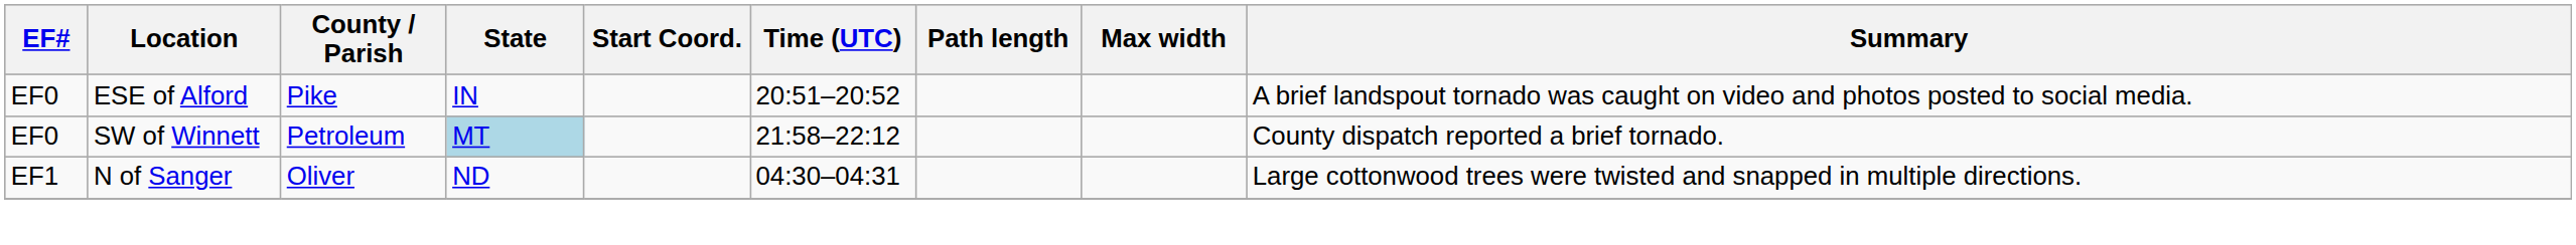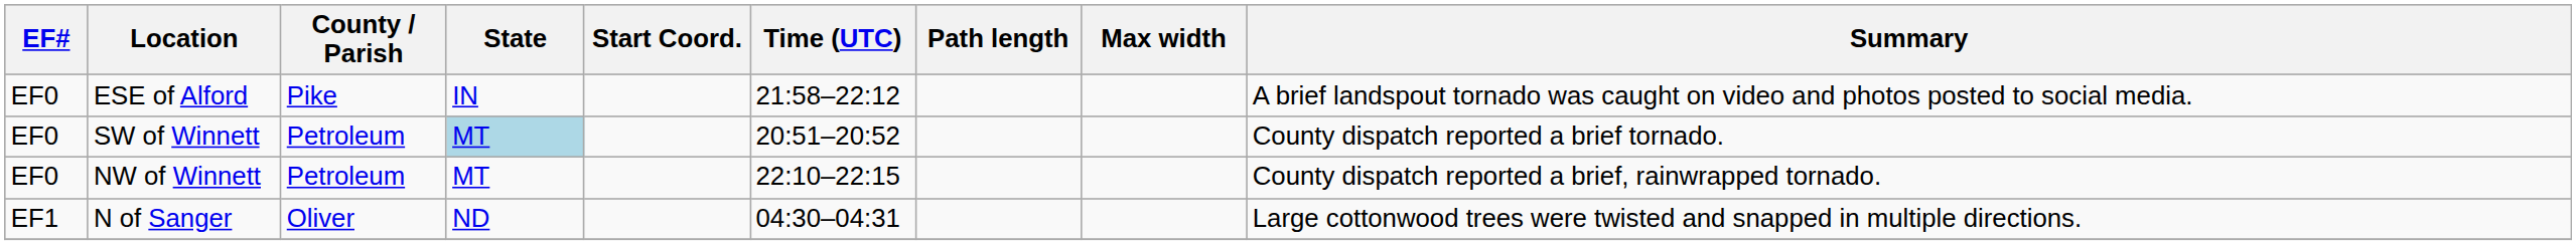 <table class="wikitable sortable" style="width:100%;">
 <tr>
 <th scope="col"  style="width:3%; text-align:center;"><a href='#'>EF#</a></th>
 <th scope="col"  style="width:7%; text-align:center;" class="unsortable">Location</th>
 <th scope="col"  style="width:6%; text-align:center;" class="unsortable">County / Parish</th>
 <th scope="col"  style="width:5%; text-align:center;">State</th>
 <th scope="col"  style="width:6%; text-align:center;">Start Coord.</th>
 <th scope="col"  style="width:6%; text-align:center;">Time (<a href='#'>UTC</a>)</th>
 <th scope="col"  style="width:6%; text-align:center;">Path length</th>
 <th scope="col"  style="width:6%; text-align:center;">Max width</th>
 <th scope="col" class="unsortable" style="width:48%; text-align:center;">Summary</th>
 </tr>
 <tr>
 <td>EF0</td>
 <td>ESE of <a href='#'>Alford</a></td>
 <td><a href='#'>Pike</a></td>
 <td><a href='#'>IN</a></td>
 <td></td>
-<td>20:51–20:52</td>
+<td>21:58–22:12</td>
 <td></td>
 <td></td>
 <td>A brief landspout tornado was caught on video and photos posted to social media.</td>
 </tr>
 <tr>
 <td>EF0</td>
 <td>SW of <a href='#'>Winnett</a></td>
 <td><a href='#'>Petroleum</a></td>
 <td style="background: lightblue;"><a href='#'>MT</a></td>
 <td></td>
-<td>21:58–22:12</td>
+<td>20:51–20:52</td>
 <td></td>
 <td></td>
 <td>County dispatch reported a brief tornado.</td>
+</tr>
+<tr>
+<td>EF0</td>
+<td>NW of <a href='#'>Winnett</a></td>
+<td><a href='#'>Petroleum</a></td>
+<td><a href='#'>MT</a></td>
+<td></td>
+<td>22:10–22:15</td>
+<td></td>
+<td></td>
+<td>County dispatch reported a brief, rainwrapped tornado.</td>
 </tr>
 <tr>
 <td>EF1</td>
 <td>N of <a href='#'>Sanger</a></td>
 <td><a href='#'>Oliver</a></td>
 <td><a href='#'>ND</a></td>
 <td></td>
 <td>04:30–04:31</td>
 <td></td>
 <td></td>
 <td>Large cottonwood trees were twisted and snapped in multiple directions.</td>
 </tr>
 <tr>
 </tr>
 </table>
